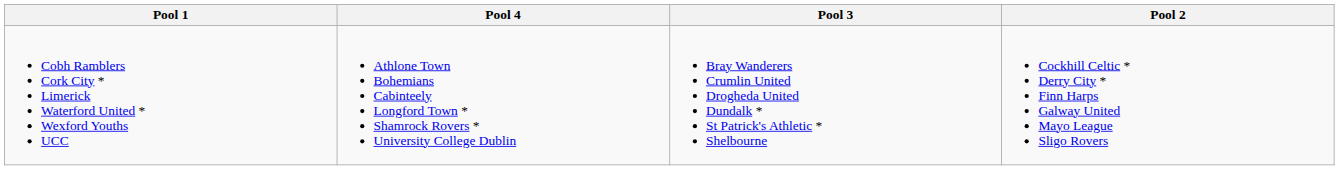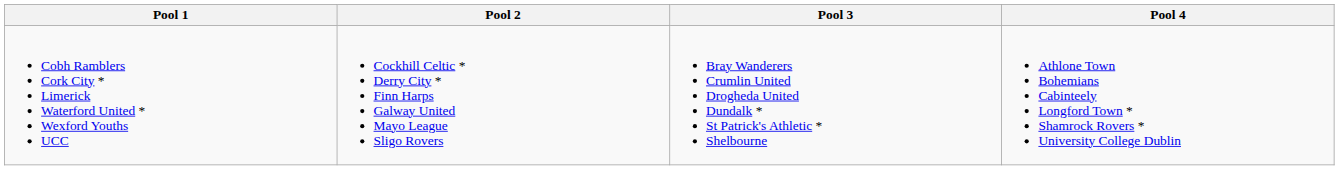 <table class="wikitable" width=100%>
 <tr>
 <th width=16%>Pool 1</th>
+<th width=16%>Pool 2</th>
+<th width=16%>Pool 3</th>
 <th width=16%>Pool 4</th>
-<th width=16%>Pool 3</th>
-<th width=16%>Pool 2</th>
 </tr>
 <tr valign=top>
 <td><br><ul><li><a href='#'>Cobh Ramblers</a></li><li><a href='#'>Cork City</a> *</li><li><a href='#'>Limerick</a></li><li><a href='#'>Waterford United</a> *</li><li><a href='#'>Wexford Youths</a></li><li><a href='#'>UCC</a></li></ul></td>
+<td><br><ul><li><a href='#'>Cockhill Celtic</a> *</li><li><a href='#'>Derry City</a> *</li><li><a href='#'>Finn Harps</a></li><li><a href='#'>Galway United</a></li><li><a href='#'>Mayo League</a></li><li><a href='#'>Sligo Rovers</a></li></ul></td>
+<td><br><ul><li><a href='#'>Bray Wanderers</a></li><li><a href='#'>Crumlin United</a></li><li><a href='#'>Drogheda United</a></li><li><a href='#'>Dundalk</a> *</li><li><a href='#'>St Patrick's Athletic</a> *</li><li><a href='#'>Shelbourne</a></li></ul></td>
 <td><br><ul><li><a href='#'>Athlone Town</a></li><li><a href='#'>Bohemians</a></li><li><a href='#'>Cabinteely</a></li><li><a href='#'>Longford Town</a> *</li><li><a href='#'>Shamrock Rovers</a> *</li><li><a href='#'>University College Dublin</a></li></ul></td>
-<td><br><ul><li><a href='#'>Bray Wanderers</a></li><li><a href='#'>Crumlin United</a></li><li><a href='#'>Drogheda United</a></li><li><a href='#'>Dundalk</a> *</li><li><a href='#'>St Patrick's Athletic</a> *</li><li><a href='#'>Shelbourne</a></li></ul></td>
-<td><br><ul><li><a href='#'>Cockhill Celtic</a> *</li><li><a href='#'>Derry City</a> *</li><li><a href='#'>Finn Harps</a></li><li><a href='#'>Galway United</a></li><li><a href='#'>Mayo League</a></li><li><a href='#'>Sligo Rovers</a></li></ul></td>
 </tr>
 </table>
